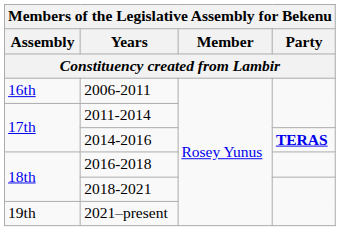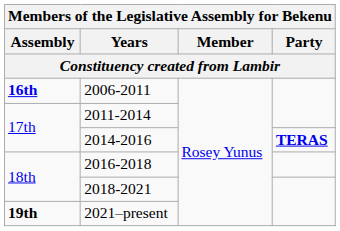 <table class=wikitable>
 <tr>
 <th colspan="4">Members of the Legislative Assembly for Bekenu</th>
 </tr>
 <tr>
 <th>Assembly</th>
 <th>Years</th>
 <th>Member</th>
 <th>Party</th>
 </tr>
 <tr>
 <th colspan=4 align=center><em>Constituency created from Lambir</em></th>
 </tr>
 <tr>
-<td><a href='#'>16th</a></td>
+<td><strong><a href='#'>16th</a></strong></td>
 <td>2006-2011</td>
 <td rowspan="7"><a href='#'>Rosey Yunus</a></td>
 <td rowspan=2></td>
 </tr>
 <tr>
 <td rowspan=2><a href='#'>17th</a></td>
 <td>2011-2014</td>
 </tr>
 <tr>
 <td>2014-2016</td>
 <td><strong><a href='#'>TERAS</a></strong></td>
 </tr>
 <tr>
 <td rowspan="2"><a href='#'>18th</a></td>
 <td>2016-2018</td>
 <td></td>
 </tr>
 <tr>
 <td>2018-2021</td>
 <td rowspan="2"></td>
 </tr>
 <tr>
-<td>19th</td>
+<td><strong>19th</strong></td>
 <td>2021–present</td>
 </tr>
 </table>
